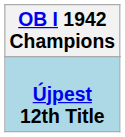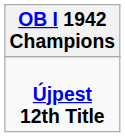 <table class="wikitable" style="text-align: center; margin: 0 auto;">
 <tr>
 <th><a href='#'>OB I</a> 1942<br>Champions</th>
 </tr>
 <tr>
 </tr>
 <tr>
-<td style="background: lightblue;"> <br><strong><a href='#'>Újpest</a></strong><br><strong>12th Title</strong></td>
+<td> <br><strong><a href='#'>Újpest</a></strong><br><strong>12th Title</strong></td>
 </tr>
 </table>
